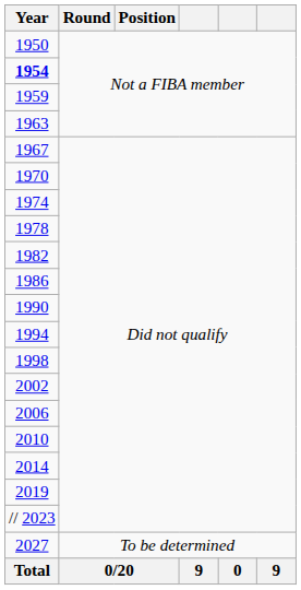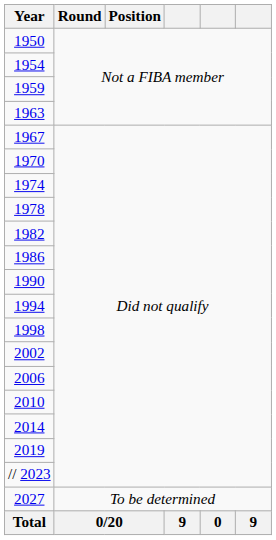 <table class="wikitable" style="text-align:center;">
 <tr>
 <th>Year</th>
 <th>Round</th>
 <th>Position</th>
 <th width=30></th>
 <th width=30></th>
 <th width=30></th>
 </tr>
 <tr>
 <td> <a href='#'>1950</a></td>
 <td rowspan=4 colspan=5><em>Not a FIBA member</em></td>
 </tr>
 <tr>
-<td><strong> <a href='#'>1954</a></strong></td>
+<td> <a href='#'>1954</a></td>
 </tr>
 <tr>
 <td> <a href='#'>1959</a></td>
 </tr>
 <tr>
 <td> <a href='#'>1963</a></td>
 </tr>
 <tr>
 <td> <a href='#'>1967</a></td>
 <td rowspan=15 colspan=5><em>Did not qualify</em></td>
 </tr>
 <tr>
 <td> <a href='#'>1970</a></td>
 </tr>
 <tr>
 <td> <a href='#'>1974</a></td>
 </tr>
 <tr>
 <td> <a href='#'>1978</a></td>
 </tr>
 <tr>
 <td> <a href='#'>1982</a></td>
 </tr>
 <tr>
 <td> <a href='#'>1986</a></td>
 </tr>
 <tr>
 <td> <a href='#'>1990</a></td>
 </tr>
 <tr>
 <td> <a href='#'>1994</a></td>
 </tr>
 <tr>
 <td> <a href='#'>1998</a></td>
 </tr>
 <tr>
 <td> <a href='#'>2002</a></td>
 </tr>
 <tr>
 <td> <a href='#'>2006</a></td>
 </tr>
 <tr>
 <td> <a href='#'>2010</a></td>
 </tr>
 <tr>
 <td> <a href='#'>2014</a></td>
 </tr>
 <tr>
 <td> <a href='#'>2019</a></td>
 </tr>
 <tr>
 <td>// <a href='#'>2023</a></td>
 </tr>
 <tr>
 <td> <a href='#'>2027</a></td>
 <td colspan=5><em>To be determined</td>
 </tr>
 <tr>
 <th>Total</th>
 <th colspan="2">0/20</th>
 <th>9</th>
 <th>0</th>
 <th>9</th>
 </tr>
 </table>
